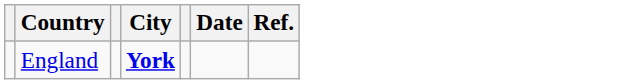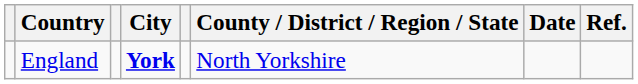 <table class="wikitable">
 <tr>
 <th style="background:"></th>
 <th style="background:  width:130px;"><span> Country</span></th>
 <th style="background:"></th>
 <th style="background:">City</th>
 <th style="background:"></th>
+<th style="background: width:110px;"><span> County / District / Region / State	</span></th>
 <th style="background: width:40px;"><span> Date	</span></th>
 <th style="background: width:40px;"><span> Ref.	</span></th>
 </tr>
 <tr>
 <td Colspan=1></td>
 <td Colspan=1><a href='#'>England</a></td>
 <td Colspan=1></td>
 <td Colspan=1><strong><a href='#'>York</a></strong></td>
 <td Colspan=1></td>
+<td Colspan=1><a href='#'>North Yorkshire</a></td>
 <td Colspan=1></td>
 <td Colspan=1></td>
 </tr>
 </table>
